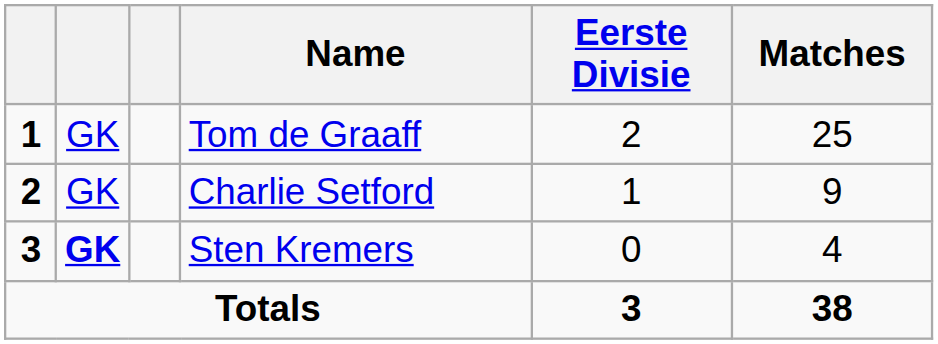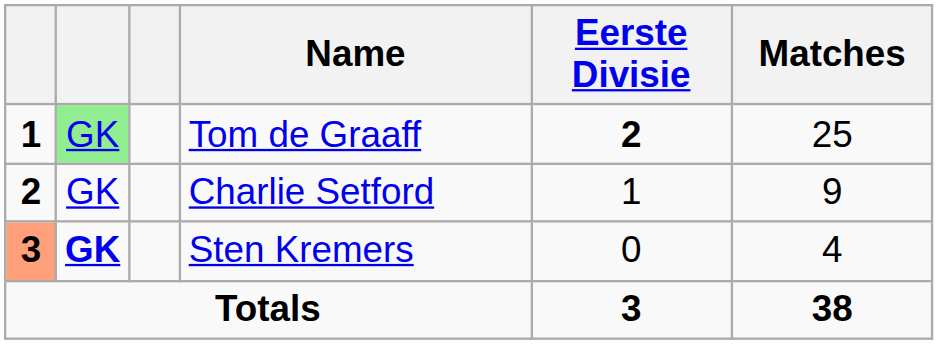 <table class="wikitable" style="text-align:center">
 <tr>
 <th width=15></th>
 <th width=15></th>
 <th width=15></th>
 <th width=145>Name</th>
 <th width=80><a href='#'>Eerste Divisie</a></th>
 <th width=80>Matches</th>
 </tr>
 <tr>
 <td rowspan=1><strong>1</strong></td>
-<td><a href='#'>GK</a></td>
+<td style="background: lightgreen;"><a href='#'>GK</a></td>
 <td></td>
 <td align=left><a href='#'>Tom de Graaff</a></td>
-<td>2</td>
+<td><strong>2</strong></td>
 <td>25</td>
 </tr>
 <tr>
 <td rowspan=1><strong>2</strong></td>
 <td><a href='#'>GK</a></td>
 <td></td>
 <td align=left><a href='#'>Charlie Setford</a></td>
 <td>1</td>
 <td>9</td>
 </tr>
 <tr>
-<td rowspan=1><strong>3</strong></td>
+<td rowspan=1 style="background: lightsalmon;"><strong>3</strong></td>
 <td><strong><a href='#'>GK</a></strong></td>
 <td></td>
 <td align=left><a href='#'>Sten Kremers</a></td>
 <td>0</td>
 <td>4</td>
 </tr>
 <tr>
 <td colspan=4><strong>Totals</strong></td>
 <td><strong>3</strong></td>
 <td><strong>38</strong></td>
 </tr>
 </table>
